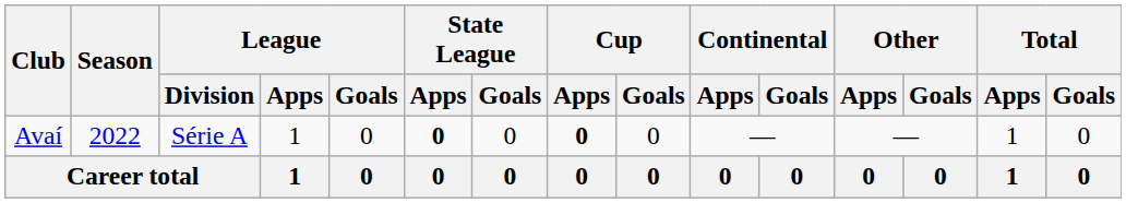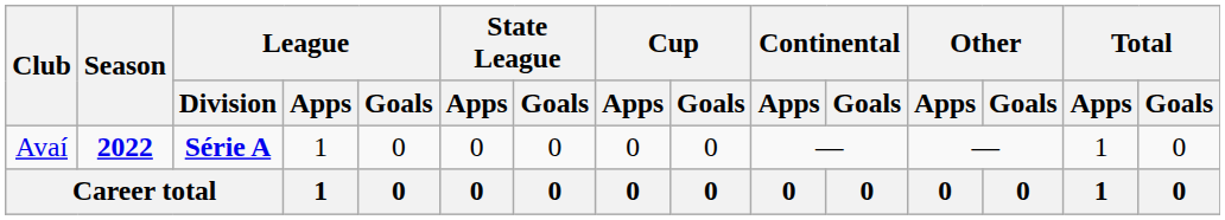 <table class="wikitable" style="text-align: center;">
 <tr>
 <th rowspan="2">Club</th>
 <th rowspan="2">Season</th>
 <th colspan="3">League</th>
 <th colspan="2">State League</th>
 <th colspan="2">Cup</th>
 <th colspan="2">Continental</th>
 <th colspan="2">Other</th>
 <th colspan="2">Total</th>
 </tr>
 <tr>
 <th>Division</th>
 <th>Apps</th>
 <th>Goals</th>
 <th>Apps</th>
 <th>Goals</th>
 <th>Apps</th>
 <th>Goals</th>
 <th>Apps</th>
 <th>Goals</th>
 <th>Apps</th>
 <th>Goals</th>
 <th>Apps</th>
 <th>Goals</th>
 </tr>
 <tr>
 <td><a href='#'>Avaí</a></td>
-<td><a href='#'>2022</a></td>
-<td><a href='#'>Série A</a></td>
+<td><strong><a href='#'>2022</a></strong></td>
+<td><strong><a href='#'>Série A</a></strong></td>
 <td>1</td>
 <td>0</td>
-<td><strong>0</strong></td>
 <td>0</td>
-<td><strong>0</strong></td>
+<td>0</td>
+<td>0</td>
 <td>0</td>
 <td colspan="2">—</td>
 <td colspan="2">—</td>
 <td>1</td>
 <td>0</td>
 </tr>
 <tr>
 <th colspan="3">Career total</th>
 <th>1</th>
 <th>0</th>
 <th>0</th>
 <th>0</th>
 <th>0</th>
 <th>0</th>
 <th>0</th>
 <th>0</th>
 <th>0</th>
 <th>0</th>
 <th>1</th>
 <th>0</th>
 </tr>
 </table>
